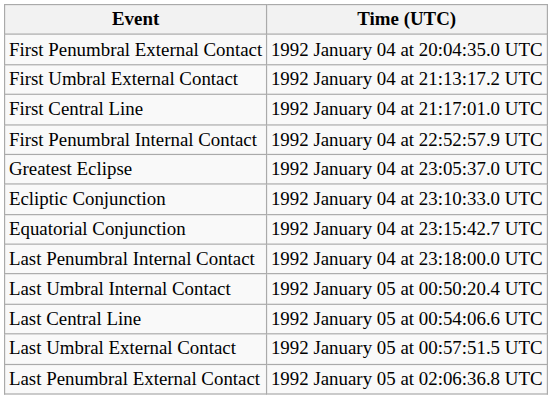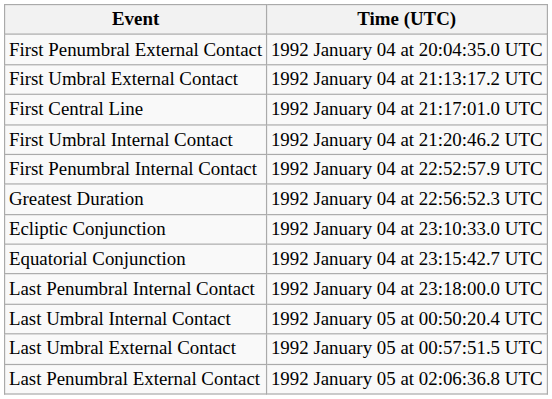 <table class="wikitable">
 <tr>
 <th>Event</th>
 <th>Time (UTC)</th>
 </tr>
 <tr>
 <td>First Penumbral External Contact</td>
 <td>1992 January 04 at 20:04:35.0 UTC</td>
 </tr>
 <tr>
 <td>First Umbral External Contact</td>
 <td>1992 January 04 at 21:13:17.2 UTC</td>
 </tr>
 <tr>
 <td>First Central Line</td>
 <td>1992 January 04 at 21:17:01.0 UTC</td>
 </tr>
 <tr>
+<td>First Umbral Internal Contact</td>
+<td>1992 January 04 at 21:20:46.2 UTC</td>
+</tr>
+<tr>
 <td>First Penumbral Internal Contact</td>
 <td>1992 January 04 at 22:52:57.9 UTC</td>
 </tr>
 <tr>
-<td>Greatest Eclipse</td>
-<td>1992 January 04 at 23:05:37.0 UTC</td>
+<td>Greatest Duration</td>
+<td>1992 January 04 at 22:56:52.3 UTC</td>
 </tr>
 <tr>
 <td>Ecliptic Conjunction</td>
 <td>1992 January 04 at 23:10:33.0 UTC</td>
 </tr>
 <tr>
 <td>Equatorial Conjunction</td>
 <td>1992 January 04 at 23:15:42.7 UTC</td>
 </tr>
 <tr>
 <td>Last Penumbral Internal Contact</td>
 <td>1992 January 04 at 23:18:00.0 UTC</td>
 </tr>
 <tr>
 <td>Last Umbral Internal Contact</td>
 <td>1992 January 05 at 00:50:20.4 UTC</td>
 </tr>
 <tr>
-<td>Last Central Line</td>
-<td>1992 January 05 at 00:54:06.6 UTC</td>
-</tr>
-<tr>
 <td>Last Umbral External Contact</td>
 <td>1992 January 05 at 00:57:51.5 UTC</td>
 </tr>
 <tr>
 <td>Last Penumbral External Contact</td>
 <td>1992 January 05 at 02:06:36.8 UTC</td>
 </tr>
 </table>
